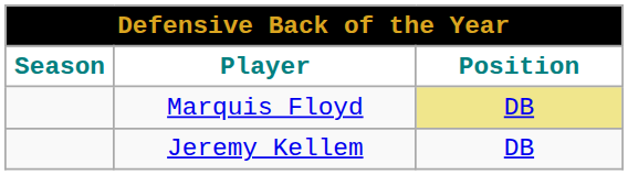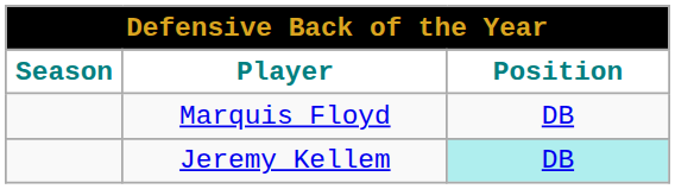 <table class="wikitable sortable" style="text-align:center">
 <tr>
 <td colspan="4" style="background:#000; color:#DAA520;"><strong>Defensive Back of the Year</strong></td>
 </tr>
 <tr>
 <th style="width:50px; background:white; color:teal;">Season</th>
 <th style="width:150px; background:white; color:teal;">Player</th>
 <th style="width:100px; background:white; color:teal;">Position</th>
 </tr>
 <tr>
 <td></td>
 <td><a href='#'>Marquis Floyd</a></td>
-<td style="background: khaki;"><a href='#'>DB</a></td>
+<td><a href='#'>DB</a></td>
 </tr>
 <tr>
 <td></td>
 <td><a href='#'>Jeremy Kellem</a></td>
-<td><a href='#'>DB</a></td>
+<td style="background: paleturquoise;"><a href='#'>DB</a></td>
 </tr>
 </table>
